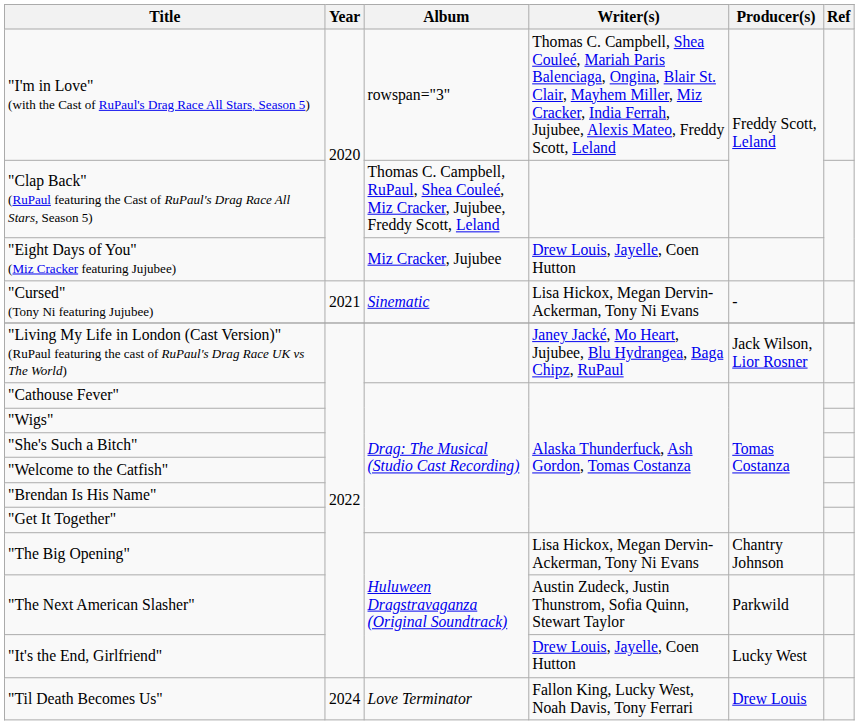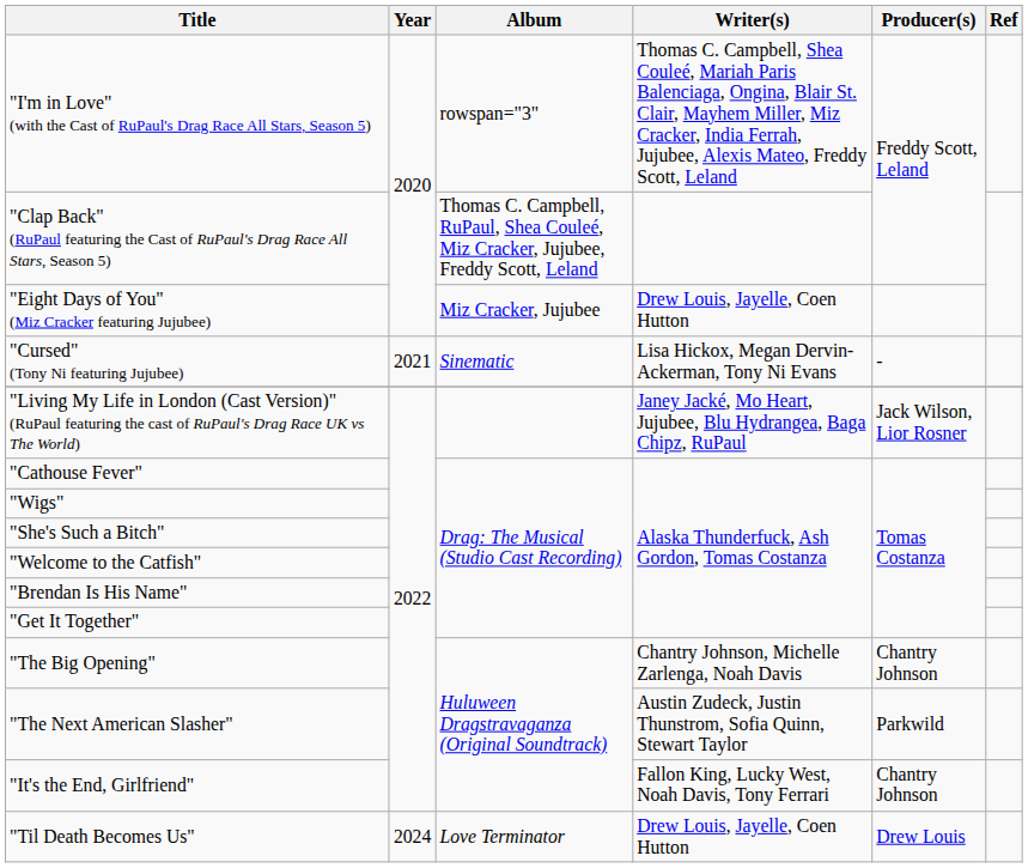 <table class="wikitable plainrowheaders" style="text-align:left;">
 <tr>
 <th style="width:20em;">Title</th>
 <th>Year</th>
 <th>Album</th>
 <th>Writer(s)</th>
 <th>Producer(s)</th>
 <th>Ref</th>
 </tr>
 <tr>
 <td>"I'm in Love"<br><small>(with the Cast of <a href='#'>RuPaul's Drag Race All Stars, Season 5</a>)</small></td>
 <td rowspan="3">2020</td>
 <td>rowspan="3" </td>
 <td>Thomas C. Campbell, <a href='#'>Shea Couleé</a>, <a href='#'>Mariah Paris Balenciaga</a>, <a href='#'>Ongina</a>, <a href='#'>Blair St. Clair</a>, <a href='#'>Mayhem Miller</a>, <a href='#'>Miz Cracker</a>, <a href='#'>India Ferrah</a>, Jujubee, <a href='#'>Alexis Mateo</a>, Freddy Scott, <a href='#'>Leland</a></td>
 <td rowspan="2">Freddy Scott, <a href='#'>Leland</a></td>
 <td></td>
 </tr>
 <tr>
 <td>"Clap Back"<br><small>(<a href='#'>RuPaul</a> featuring the Cast of <em>RuPaul's Drag Race All Stars</em>, Season 5)</small></td>
 <td>Thomas C. Campbell, <a href='#'>RuPaul</a>, <a href='#'>Shea Couleé</a>, <a href='#'>Miz Cracker</a>, Jujubee, Freddy Scott, <a href='#'>Leland</a></td>
 <td></td>
 </tr>
 <tr>
 <td>"Eight Days of You"<br><small>(<a href='#'>Miz Cracker</a> featuring Jujubee)</small></td>
 <td><a href='#'>Miz Cracker</a>, Jujubee</td>
 <td><a href='#'>Drew Louis</a>, <a href='#'>Jayelle</a>, Coen Hutton</td>
 <td></td>
 </tr>
 <tr>
 <td>"Cursed"<br><small>(Tony Ni featuring Jujubee)</small></td>
 <td rowspan="1">2021</td>
 <td><em><a href='#'>Sinematic</a></em></td>
 <td>Lisa Hickox, Megan Dervin-Ackerman, Tony Ni Evans</td>
 <td>-</td>
 <td></td>
 </tr>
 <tr>
 </tr>
 <tr>
 <td scope="row">"Living My Life in London (Cast Version)" <br><small>(RuPaul featuring the cast of <em>RuPaul's Drag Race UK vs The World</em>)</small></td>
 <td rowspan="10">2022</td>
 <td></td>
 <td><a href='#'>Janey Jacké</a>, <a href='#'>Mo Heart</a>, Jujubee, <a href='#'>Blu Hydrangea</a>, <a href='#'>Baga Chipz</a>, <a href='#'>RuPaul</a></td>
 <td>Jack Wilson, <a href='#'>Lior Rosner</a></td>
 <td></td>
 </tr>
 <tr>
 <td>"Cathouse Fever" <br></td>
 <td rowspan="6"><em><a href='#'>Drag: The Musical (Studio Cast Recording)</a></em></td>
 <td rowspan="6"><a href='#'>Alaska Thunderfuck</a>, <a href='#'>Ash Gordon</a>, <a href='#'>Tomas Costanza</a></td>
 <td rowspan="6"><a href='#'>Tomas Costanza</a></td>
 <td></td>
 </tr>
 <tr>
 <td>"Wigs" <br></td>
 <td></td>
 </tr>
 <tr>
 <td>"She's Such a Bitch" <br></td>
 <td></td>
 </tr>
 <tr>
 <td>"Welcome to the Catfish" <br></td>
 <td></td>
 </tr>
 <tr>
 <td>"Brendan Is His Name" <br></td>
 <td></td>
 </tr>
 <tr>
 <td>"Get It Together" <br></td>
 <td></td>
 </tr>
 <tr>
 <td scope="row">"The Big Opening"<br></td>
 <td rowspan="3"><a href='#'><em>Huluween Dragstravaganza (Original Soundtrack)</em></a></td>
-<td>Lisa Hickox, Megan Dervin-Ackerman, Tony Ni Evans</td>
+<td>Chantry Johnson, Michelle Zarlenga, Noah Davis</td>
 <td>Chantry Johnson</td>
 <td></td>
 </tr>
 <tr>
 <td scope="row">"The Next American Slasher"<br></td>
 <td>Austin Zudeck, Justin Thunstrom, Sofia Quinn, Stewart Taylor</td>
 <td>Parkwild</td>
 <td></td>
 </tr>
 <tr>
 <td scope="row">"It's the End, Girlfriend"<br></td>
-<td><a href='#'>Drew Louis</a>, <a href='#'>Jayelle</a>, Coen Hutton</td>
-<td>Lucky West</td>
+<td>Fallon King, Lucky West, Noah Davis, Tony Ferrari</td>
+<td>Chantry Johnson</td>
 <td></td>
 </tr>
 <tr>
 <td>"Til Death Becomes Us"<br></td>
 <td>2024</td>
 <td rowspan="1"><em>Love Terminator</em></td>
-<td>Fallon King, Lucky West, Noah Davis, Tony Ferrari</td>
+<td><a href='#'>Drew Louis</a>, <a href='#'>Jayelle</a>, Coen Hutton</td>
 <td><a href='#'>Drew Louis</a></td>
 <td></td>
 </tr>
 </table>
